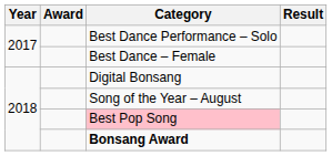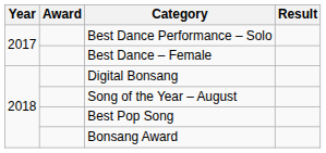 <table class="wikitable">
 <tr>
 <th>Year</th>
 <th>Award</th>
 <th>Category</th>
 <th>Result</th>
 </tr>
 <tr>
 <td rowspan="2">2017</td>
 <td></td>
 <td>Best Dance Performance – Solo</td>
 <td></td>
 </tr>
 <tr>
 <td></td>
 <td>Best Dance – Female</td>
 <td></td>
 </tr>
 <tr>
 <td rowspan="4">2018</td>
 <td></td>
 <td>Digital Bonsang</td>
 <td></td>
 </tr>
 <tr>
 <td></td>
 <td>Song of the Year – August</td>
 <td></td>
 </tr>
 <tr>
 <td></td>
-<td style="background: pink;">Best Pop Song</td>
+<td>Best Pop Song</td>
 <td></td>
 </tr>
 <tr>
 <td></td>
-<td><strong>Bonsang Award</strong></td>
+<td>Bonsang Award</td>
 <td></td>
 </tr>
 </table>
